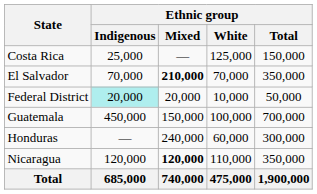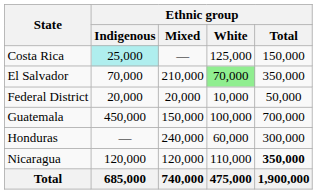 <table class="wikitable sortable" style="text-align:center">
 <tr>
 <th rowspan="2">State</th>
 <th colspan="4">Ethnic group</th>
 </tr>
 <tr>
 <th data-sort-type="number">Indigenous</th>
 <th data-sort-type="number">Mixed</th>
 <th data-sort-type="number">White</th>
 <th data-sort-type="number">Total</th>
 </tr>
 <tr>
 <td align="left">Costa Rica</td>
-<td>25,000</td>
+<td style="background: paleturquoise;">25,000</td>
 <td>—</td>
 <td>125,000</td>
 <td>150,000</td>
 </tr>
 <tr>
 <td align="left">El Salvador</td>
 <td>70,000</td>
-<td><strong>210,000</strong></td>
-<td>70,000</td>
+<td>210,000</td>
+<td style="background: lightgreen;">70,000</td>
 <td>350,000</td>
 </tr>
 <tr>
 <td align="left">Federal District</td>
-<td style="background: paleturquoise;">20,000</td>
+<td>20,000</td>
 <td>20,000</td>
 <td>10,000</td>
 <td>50,000</td>
 </tr>
 <tr>
 <td align="left">Guatemala</td>
 <td>450,000</td>
 <td>150,000</td>
 <td>100,000</td>
 <td>700,000</td>
 </tr>
 <tr>
 <td align="left">Honduras</td>
 <td>—</td>
 <td>240,000</td>
 <td>60,000</td>
 <td>300,000</td>
 </tr>
 <tr>
 <td align="left">Nicaragua</td>
 <td>120,000</td>
-<td><strong>120,000</strong></td>
+<td>120,000</td>
 <td>110,000</td>
-<td>350,000</td>
+<td><strong>350,000</strong></td>
 </tr>
 <tr>
 <th>Total</th>
 <th>685,000</th>
 <th>740,000</th>
 <th>475,000</th>
 <th>1,900,000</th>
 </tr>
 </table>
